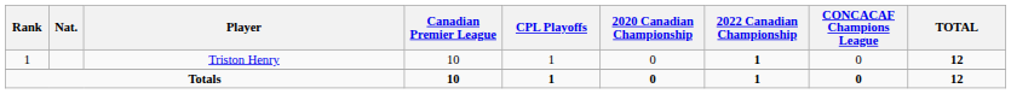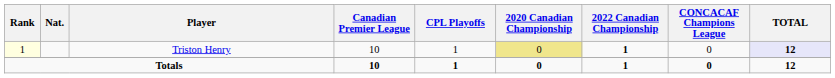 <table class="wikitable sortable alternance" style="font-size:85%; text-align:center; line-height:14px; width:85%;">
 <tr>
 <th width=10>Rank</th>
 <th width=10>Nat.</th>
 <th scope="col" style="width:275px;">Player</th>
 <th width=80><a href='#'>Canadian Premier League</a></th>
 <th width=80><a href='#'>CPL Playoffs</a></th>
 <th width=80><a href='#'>2020 Canadian Championship</a></th>
 <th width=80><a href='#'>2022 Canadian Championship</a></th>
 <th width=80><a href='#'>CONCACAF Champions League</a></th>
 <th width=80>TOTAL</th>
 </tr>
 <tr>
-<td>1</td>
+<td style="background: lightyellow;">1</td>
 <td></td>
 <td><a href='#'>Triston Henry</a></td>
 <td>10</td>
 <td>1</td>
-<td>0</td>
+<td style="background: khaki;">0</td>
 <td><strong>1</strong></td>
 <td>0</td>
-<td><strong>12</strong></td>
+<td style="background: lavender;"><strong>12</strong></td>
 </tr>
 <tr>
 </tr>
 <tr class="sortbottom">
 <td colspan="3"><strong>Totals</strong></td>
 <td><strong>10</strong></td>
 <td><strong>1</strong></td>
 <td><strong>0</strong></td>
 <td><strong>1</strong></td>
 <td><strong>0</strong></td>
 <td><strong>12</strong></td>
 </tr>
 </table>
